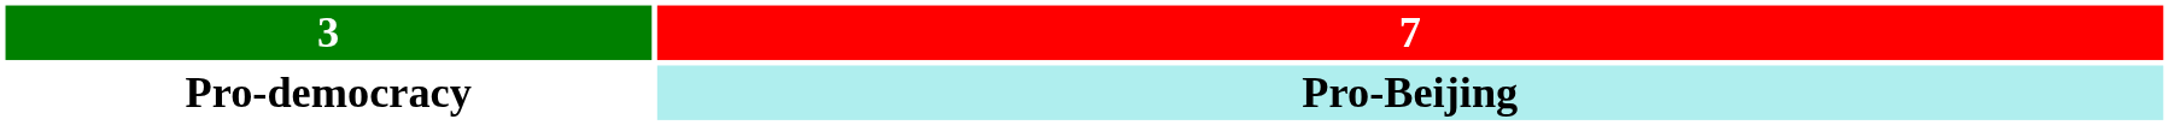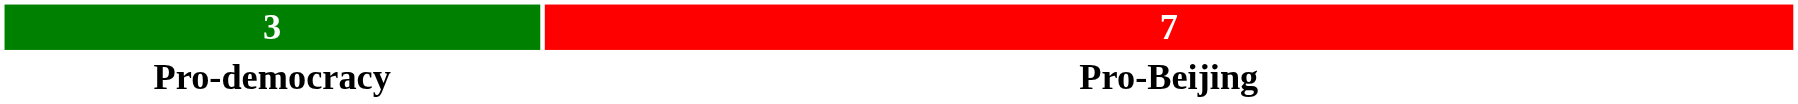 <table style="width:50%; text-align:center;">
 <tr style="color:white;">
 <td style="background:green; width:30%;"><strong>3</strong></td>
 <td style="background:red; width:70%;"><strong>7</strong></td>
 </tr>
 <tr>
 <td><span><strong>Pro-democracy</strong></span></td>
-<td style="background: paleturquoise;"><span><strong>Pro-Beijing</strong></span></td>
+<td><span><strong>Pro-Beijing</strong></span></td>
 </tr>
 </table>
